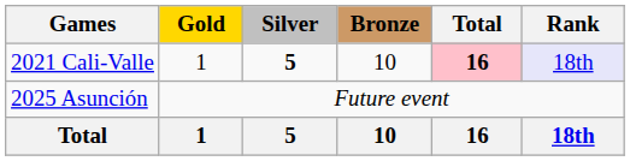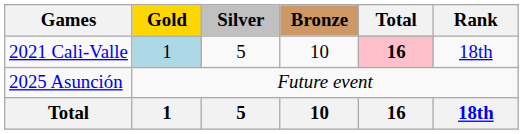 <table class="wikitable" style="text-align:center; font-size:90%;">
 <tr>
 <th>Games</th>
 <td style="background:gold; width:3.2em; font-weight:bold;">Gold</td>
 <td style="background:silver; width:3.7em; font-weight:bold;">Silver</td>
 <td style="background:#c96; width:3.7em; font-weight:bold;">Bronze</td>
 <th style="width:3.5em; font-weight:bold;">Total</th>
 <th style="width:4em; font-weight:bold;">Rank</th>
 </tr>
 <tr>
 <td align=left> <a href='#'>2021 Cali-Valle</a></td>
-<td>1</td>
-<td><strong>5</strong></td>
+<td style="background: lightblue;">1</td>
+<td>5</td>
 <td>10</td>
 <td style="background: pink;"><strong>16</strong></td>
-<td style="background: lavender;"><a href='#'>18th</a></td>
+<td><a href='#'>18th</a></td>
 </tr>
 <tr>
 <td align=left> <a href='#'>2025 Asunción</a></td>
 <td colspan="5"><em>Future event</em></td>
 </tr>
 <tr>
 <th>Total</th>
 <th>1</th>
 <th>5</th>
 <th>10</th>
 <th>16</th>
 <th><a href='#'>18th</a></th>
 </tr>
 </table>
